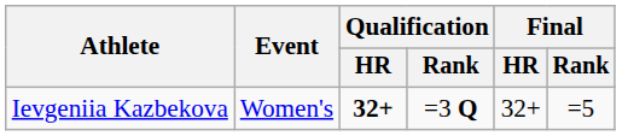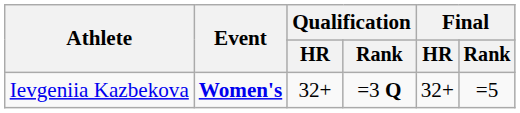 <table class="wikitable" style="text-align:center; font-size:90%">
 <tr>
 <th rowspan=2>Athlete</th>
 <th rowspan=2>Event</th>
 <th colspan=2>Qualification</th>
 <th colspan=2>Final</th>
 </tr>
 <tr style="font-size:95%">
 <th>HR</th>
 <th>Rank</th>
 <th>HR</th>
 <th>Rank</th>
 </tr>
 <tr>
 <td align=left><a href='#'>Ievgeniia Kazbekova</a></td>
-<td align=left><a href='#'>Women's</a></td>
-<td><strong>32+</strong></td>
+<td align=left><strong><a href='#'>Women's</a></strong></td>
+<td>32+</td>
 <td>=3 <strong>Q</strong></td>
 <td>32+</td>
 <td>=5</td>
 </tr>
 </table>
